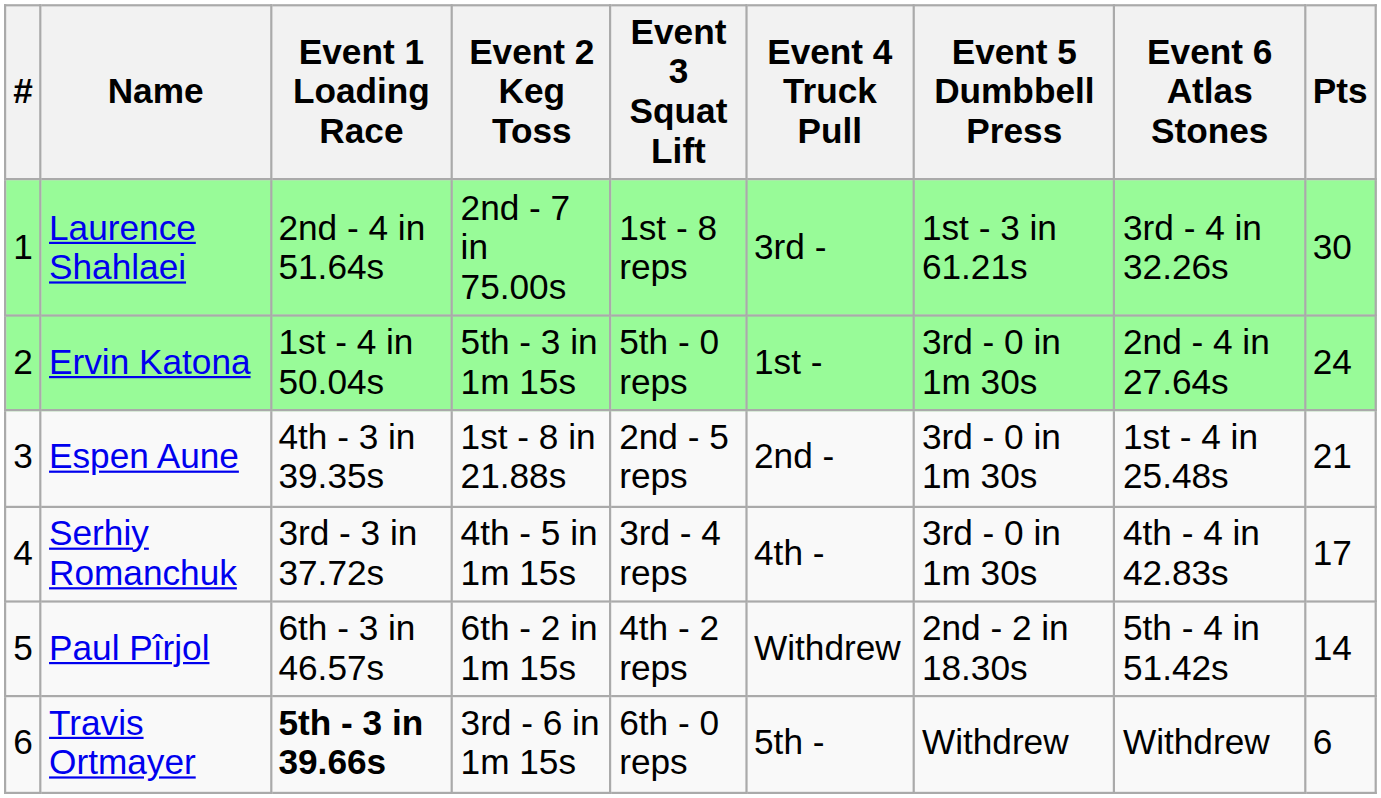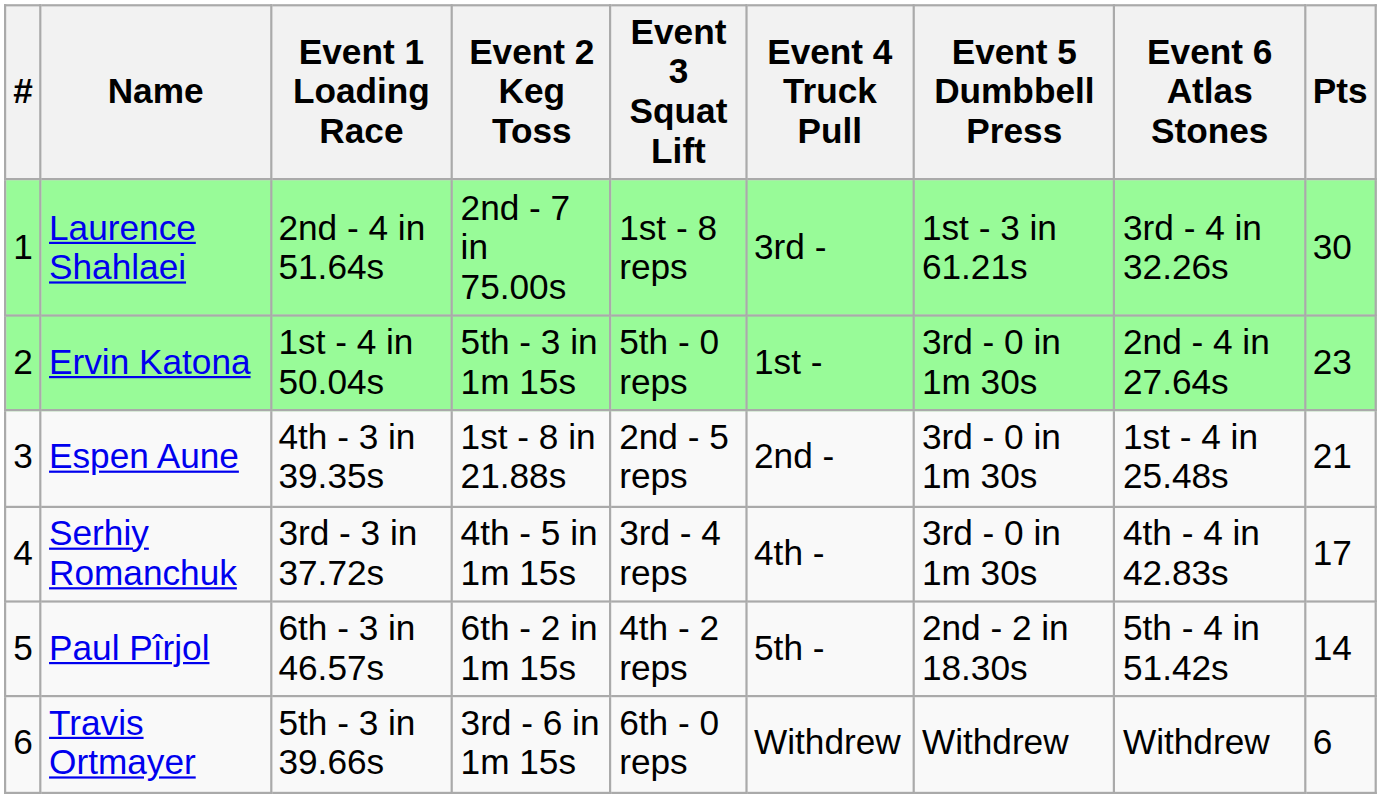 <table class="wikitable sortable" style="display: inline-table; width: 100%;">
 <tr>
 <th>#</th>
 <th>Name</th>
 <th>Event 1<br>Loading Race</th>
 <th>Event 2<br>Keg Toss</th>
 <th>Event 3<br>Squat Lift</th>
 <th>Event 4<br>Truck Pull</th>
 <th>Event 5<br>Dumbbell Press</th>
 <th>Event 6<br>Atlas Stones</th>
 <th>Pts</th>
 </tr>
 <tr style="background:palegreen">
 <td>1</td>
 <td> <a href='#'>Laurence Shahlaei</a></td>
 <td>2nd - 4 in 51.64s</td>
 <td>2nd - 7 in 75.00s</td>
 <td>1st - 8 reps</td>
 <td>3rd - </td>
 <td>1st - 3 in 61.21s</td>
 <td>3rd - 4 in 32.26s</td>
 <td>30</td>
 </tr>
 <tr style="background:palegreen">
 <td>2</td>
 <td> <a href='#'>Ervin Katona</a></td>
 <td>1st - 4 in 50.04s</td>
 <td>5th - 3 in 1m 15s</td>
 <td>5th - 0 reps</td>
 <td>1st - </td>
 <td>3rd - 0 in 1m 30s</td>
 <td>2nd - 4 in 27.64s</td>
-<td>24</td>
+<td>23</td>
 </tr>
 <tr>
 <td>3</td>
 <td> <a href='#'>Espen Aune</a></td>
 <td>4th - 3 in 39.35s</td>
 <td>1st - 8 in 21.88s</td>
 <td>2nd - 5 reps</td>
 <td>2nd - </td>
 <td>3rd - 0 in 1m 30s</td>
 <td>1st - 4 in 25.48s</td>
 <td>21</td>
 </tr>
 <tr>
 <td>4</td>
 <td> <a href='#'>Serhiy Romanchuk</a></td>
 <td>3rd - 3 in 37.72s</td>
 <td>4th - 5 in 1m 15s</td>
 <td>3rd - 4 reps</td>
 <td>4th - </td>
 <td>3rd - 0 in 1m 30s</td>
 <td>4th - 4 in 42.83s</td>
 <td>17</td>
 </tr>
 <tr>
 <td>5</td>
 <td> <a href='#'>Paul Pîrjol</a></td>
 <td>6th - 3 in 46.57s</td>
 <td>6th - 2 in 1m 15s</td>
 <td>4th - 2 reps</td>
-<td>Withdrew</td>
+<td>5th - </td>
 <td>2nd - 2 in 18.30s</td>
 <td>5th - 4 in 51.42s</td>
 <td>14</td>
 </tr>
 <tr>
 <td>6</td>
 <td> <a href='#'>Travis Ortmayer</a></td>
-<td><strong>5th - 3 in 39.66s</strong></td>
+<td>5th - 3 in 39.66s</td>
 <td>3rd - 6 in 1m 15s</td>
 <td>6th - 0 reps</td>
-<td>5th - </td>
+<td>Withdrew</td>
 <td>Withdrew</td>
 <td>Withdrew</td>
 <td>6</td>
 </tr>
 </table>
